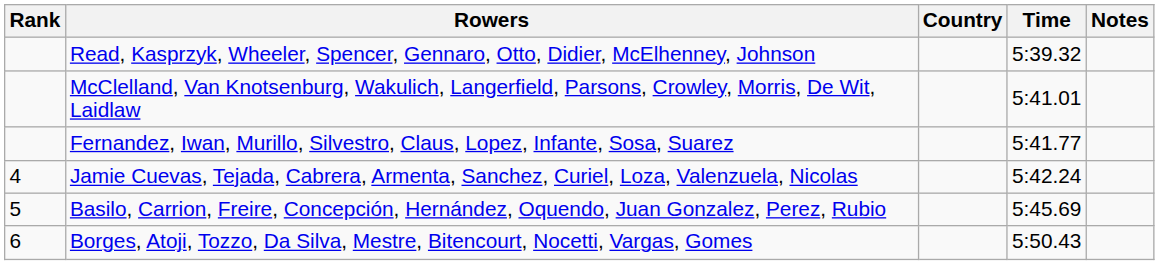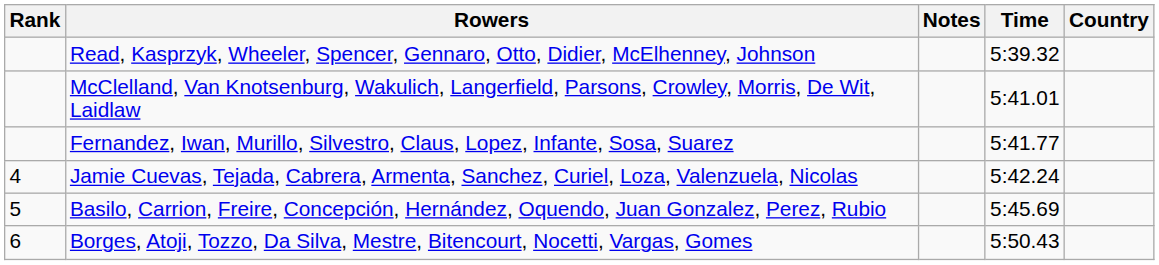 <table class="wikitable" width=70%>
 <tr>
 <th>Rank</th>
 <th>Rowers</th>
+<th>Notes</th>
+<th>Time</th>
 <th>Country</th>
-<th>Time</th>
-<th>Notes</th>
 </tr>
 <tr>
 <td></td>
 <td><a href='#'>Read</a>, <a href='#'>Kasprzyk</a>, <a href='#'>Wheeler</a>, <a href='#'>Spencer</a>, <a href='#'>Gennaro</a>, <a href='#'>Otto</a>, <a href='#'>Didier</a>, <a href='#'>McElhenney</a>, <a href='#'>Johnson</a></td>
 <td></td>
 <td>5:39.32</td>
 <td></td>
 </tr>
 <tr>
 <td></td>
 <td><a href='#'>McClelland</a>, <a href='#'>Van Knotsenburg</a>, <a href='#'>Wakulich</a>, <a href='#'>Langerfield</a>, <a href='#'>Parsons</a>, <a href='#'>Crowley</a>, <a href='#'>Morris</a>, <a href='#'>De Wit</a>, <a href='#'>Laidlaw</a></td>
 <td></td>
 <td>5:41.01</td>
 <td></td>
 </tr>
 <tr>
 <td></td>
 <td><a href='#'>Fernandez</a>, <a href='#'>Iwan</a>, <a href='#'>Murillo</a>, <a href='#'>Silvestro</a>, <a href='#'>Claus</a>, <a href='#'>Lopez</a>, <a href='#'>Infante</a>, <a href='#'>Sosa</a>, <a href='#'>Suarez</a></td>
 <td></td>
 <td>5:41.77</td>
 <td></td>
 </tr>
 <tr>
 <td>4</td>
 <td><a href='#'>Jamie Cuevas</a>, <a href='#'>Tejada</a>, <a href='#'>Cabrera</a>, <a href='#'>Armenta</a>, <a href='#'>Sanchez</a>, <a href='#'>Curiel</a>, <a href='#'>Loza</a>, <a href='#'>Valenzuela</a>, <a href='#'>Nicolas</a></td>
 <td></td>
 <td>5:42.24</td>
 <td></td>
 </tr>
 <tr>
 <td>5</td>
 <td><a href='#'>Basilo</a>, <a href='#'>Carrion</a>, <a href='#'>Freire</a>, <a href='#'>Concepción</a>, <a href='#'>Hernández</a>, <a href='#'>Oquendo</a>, <a href='#'>Juan Gonzalez</a>, <a href='#'>Perez</a>, <a href='#'>Rubio</a></td>
 <td></td>
 <td>5:45.69</td>
 <td></td>
 </tr>
 <tr>
 <td>6</td>
 <td><a href='#'>Borges</a>, <a href='#'>Atoji</a>, <a href='#'>Tozzo</a>, <a href='#'>Da Silva</a>, <a href='#'>Mestre</a>, <a href='#'>Bitencourt</a>, <a href='#'>Nocetti</a>, <a href='#'>Vargas</a>, <a href='#'>Gomes</a></td>
 <td></td>
 <td>5:50.43</td>
 <td></td>
 </tr>
 </table>
